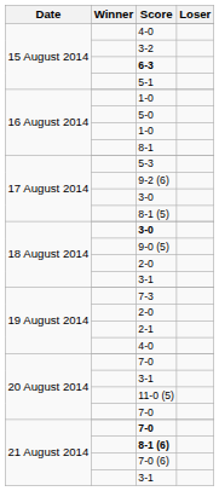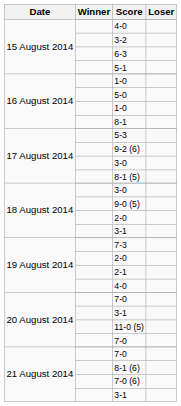 <table class="wikitable">
 <tr>
 <th>Date</th>
 <th>Winner</th>
 <th>Score</th>
 <th>Loser</th>
 </tr>
 <tr>
 <td rowspan=5>15 August 2014</td>
 </tr>
 <tr style=font-size:90%>
 <td align=right></td>
 <td>4-0</td>
 <td></td>
 </tr>
 <tr style=font-size:90%>
 <td align=right></td>
 <td>3-2</td>
 <td></td>
 </tr>
 <tr style=font-size:90%>
 <td align=right></td>
-<td><strong>6-3</strong></td>
+<td>6-3</td>
 <td></td>
 </tr>
 <tr style=font-size:90%>
 <td align=right></td>
 <td>5-1</td>
 <td></td>
 </tr>
 <tr>
 <td rowspan=5>16 August 2014</td>
 </tr>
 <tr style=font-size:90%>
 <td align=right></td>
 <td>1-0</td>
 <td></td>
 </tr>
 <tr style=font-size:90%>
 <td align=right></td>
 <td>5-0</td>
 <td></td>
 </tr>
 <tr style=font-size:90%>
 <td align=right></td>
 <td>1-0</td>
 <td></td>
 </tr>
 <tr style=font-size:90%>
 <td align=right></td>
 <td>8-1</td>
 <td></td>
 </tr>
 <tr>
 <td rowspan=5>17 August 2014</td>
 </tr>
 <tr style=font-size:90%>
 <td align=right></td>
 <td>5-3</td>
 <td></td>
 </tr>
 <tr style=font-size:90%>
 <td align=right></td>
 <td>9-2 (6)</td>
 <td></td>
 </tr>
 <tr style=font-size:90%>
 <td align=right></td>
 <td>3-0</td>
 <td></td>
 </tr>
 <tr style=font-size:90%>
 <td align=right></td>
 <td>8-1 (5)</td>
 <td></td>
 </tr>
 <tr>
 <td rowspan=5>18 August 2014</td>
 </tr>
 <tr style=font-size:90%>
 <td align=right></td>
-<td><strong>3-0</strong></td>
+<td>3-0</td>
 <td></td>
 </tr>
 <tr style=font-size:90%>
 <td align=right></td>
 <td>9-0 (5)</td>
 <td></td>
 </tr>
 <tr style=font-size:90%>
 <td align=right></td>
 <td>2-0</td>
 <td></td>
 </tr>
 <tr style=font-size:90%>
 <td align=right></td>
 <td>3-1</td>
 <td></td>
 </tr>
 <tr>
 <td rowspan=5>19 August 2014</td>
 </tr>
 <tr style=font-size:90%>
 <td align=right></td>
 <td>7-3</td>
 <td></td>
 </tr>
 <tr style=font-size:90%>
 <td align=right></td>
 <td>2-0</td>
 <td></td>
 </tr>
 <tr style=font-size:90%>
 <td align=right></td>
 <td>2-1</td>
 <td></td>
 </tr>
 <tr style=font-size:90%>
 <td align=right></td>
 <td>4-0</td>
 <td></td>
 </tr>
 <tr>
 <td rowspan=5>20 August 2014</td>
 </tr>
 <tr style=font-size:90%>
 <td align=right></td>
 <td>7-0</td>
 <td></td>
 </tr>
 <tr style=font-size:90%>
 <td align=right></td>
 <td>3-1</td>
 <td></td>
 </tr>
 <tr style=font-size:90%>
 <td align=right></td>
 <td>11-0 (5)</td>
 <td></td>
 </tr>
 <tr style=font-size:90%>
 <td align=right></td>
 <td>7-0</td>
 <td></td>
 </tr>
 <tr>
 <td rowspan=5>21 August 2014</td>
 </tr>
 <tr style=font-size:90%>
 <td align=right></td>
-<td><strong>7-0</strong></td>
+<td>7-0</td>
 <td></td>
 </tr>
 <tr style=font-size:90%>
 <td align=right></td>
-<td><strong>8-1 (6)</strong></td>
+<td>8-1 (6)</td>
 <td></td>
 </tr>
 <tr style=font-size:90%>
 <td align=right></td>
 <td>7-0 (6)</td>
 <td></td>
 </tr>
 <tr style=font-size:90%>
 <td align=right></td>
 <td>3-1</td>
 <td></td>
 </tr>
 </table>
